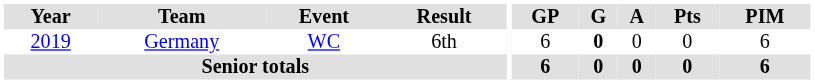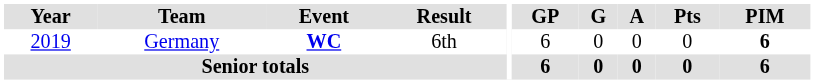 <table border="0" cellpadding="1" cellspacing="0" ID="Table3" style="text-align:center; width:40em">
 <tr ALIGN="center" bgcolor="#e0e0e0">
 <th>Year</th>
 <th>Team</th>
 <th>Event</th>
 <th>Result</th>
 <th rowspan="99" bgcolor="#ffffff"></th>
 <th>GP</th>
 <th>G</th>
 <th>A</th>
 <th>Pts</th>
 <th>PIM</th>
 </tr>
 <tr>
 <td><a href='#'>2019</a></td>
 <td><a href='#'>Germany</a></td>
-<td><a href='#'>WC</a></td>
+<td><strong><a href='#'>WC</a></strong></td>
 <td>6th</td>
 <td>6</td>
-<td><strong>0</strong></td>
 <td>0</td>
 <td>0</td>
-<td>6</td>
+<td>0</td>
+<td><strong>6</strong></td>
 </tr>
 <tr bgcolor="#e0e0e0">
 <th colspan="4">Senior totals</th>
 <th>6</th>
 <th>0</th>
 <th>0</th>
 <th>0</th>
 <th>6</th>
 </tr>
 </table>
